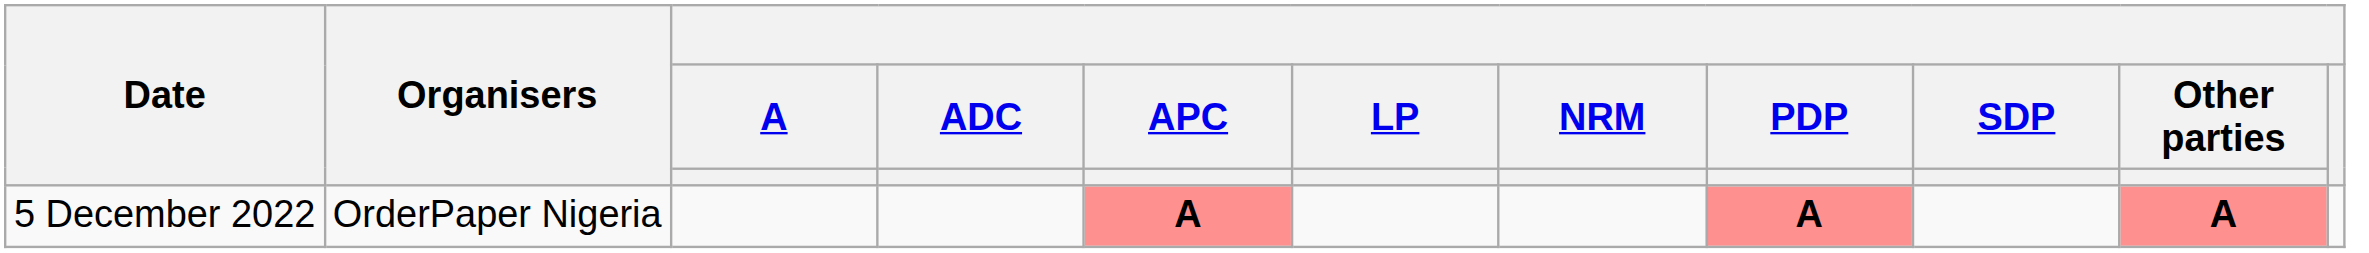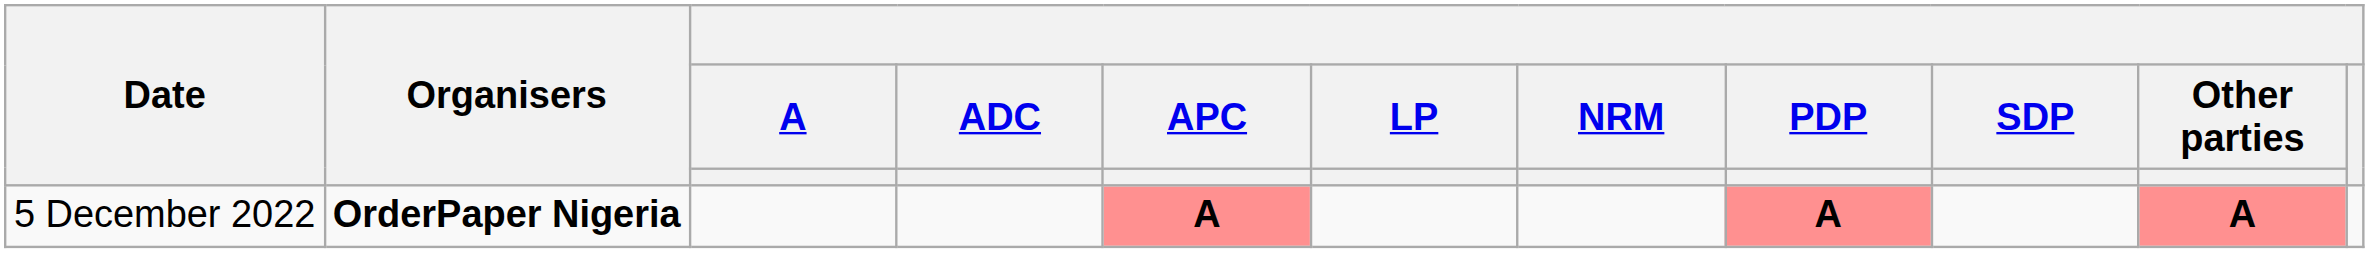 <table class="wikitable" style="text-align:center;">
 <tr>
 <th rowspan="3">Date</th>
 <th rowspan="3">Organisers</th>
 <th colspan="9">     <br>   </th>
 </tr>
 <tr>
 <th scope="col" style="width:5em;"><a href='#'>A</a></th>
 <th scope="col" style="width:5em;"><a href='#'>ADC</a></th>
 <th scope="col" style="width:5em;"><a href='#'>APC</a></th>
 <th scope="col" style="width:5em;"><a href='#'>LP</a></th>
 <th scope="col" style="width:5em;"><a href='#'>NRM</a></th>
 <th scope="col" style="width:5em;"><a href='#'>PDP</a></th>
 <th scope="col" style="width:5em;"><a href='#'>SDP</a></th>
 <th scope="col" style="width:5em;">Other parties</th>
 <th rowspan="2"></th>
 </tr>
 <tr>
 <th style="background:"></th>
 <th style="background:"></th>
 <th style="background:"></th>
 <th style="background:"></th>
 <th style="background:"></th>
 <th style="background:"></th>
 <th style="background:"></th>
 <th style="background:"></th>
 </tr>
 <tr>
 <td style="white-space:nowrap; text-align:left;">5 December 2022</td>
-<td style="white-space:nowrap; text-align:left;">OrderPaper Nigeria</td>
+<td style="white-space:nowrap; text-align:left;"><strong>OrderPaper Nigeria</strong></td>
 <td></td>
 <td></td>
 <td style="background:#FF9090;"><strong>A</strong><br></td>
 <td></td>
 <td></td>
 <td style="background:#FF9090;"><strong>A</strong><br></td>
 <td></td>
 <td style="background:#FF9090;"><strong>A</strong><br></td>
 <td></td>
 </tr>
 </table>
